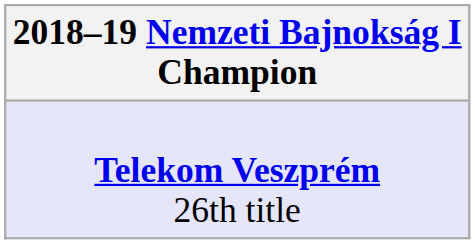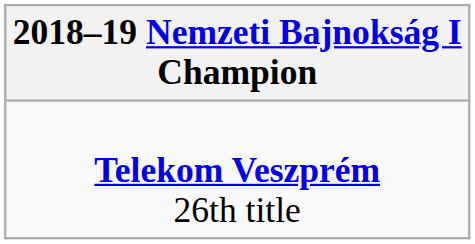 <table class=wikitable style="text-align:center; margin:auto">
 <tr>
 <th>2018–19 <a href='#'>Nemzeti Bajnokság I</a><br>Champion</th>
 </tr>
 <tr>
-<td align=center style="background: lavender;"><br><strong><a href='#'>Telekom Veszprém</a></strong><br>26th title</td>
+<td align=center><br><strong><a href='#'>Telekom Veszprém</a></strong><br>26th title</td>
 </tr>
 </table>
